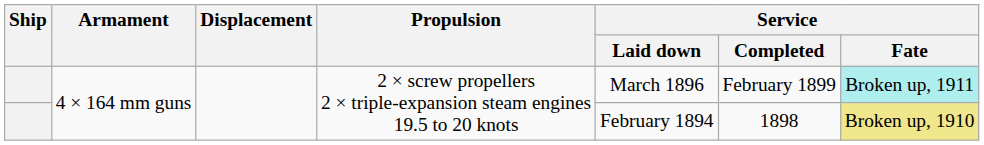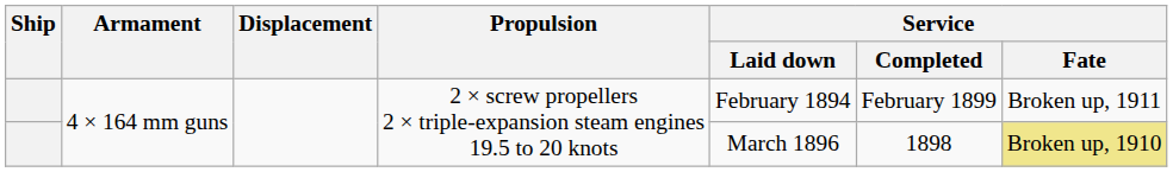 <table class="wikitable plainrowheaders" style="text-align: center;">
 <tr valign="top">
 <th scope="col" rowspan="2">Ship</th>
 <th scope="col" rowspan="2">Armament</th>
 <th scope="col" rowspan="2">Displacement</th>
 <th scope="col" rowspan="2">Propulsion</th>
 <th scope="col" colspan="3">Service</th>
 </tr>
 <tr valign="top">
 <th scope="col">Laid down</th>
 <th scope="col">Completed</th>
 <th scope="col">Fate</th>
 </tr>
 <tr valign="center">
 <th scope="row"></th>
 <td rowspan="2">4 × 164 mm guns</td>
 <td rowspan="2"></td>
 <td rowspan="2">2 × screw propellers<br>2 × triple-expansion steam engines<br>19.5 to 20 knots</td>
-<td>March 1896</td>
+<td>February 1894</td>
 <td>February 1899</td>
-<td style="background: paleturquoise;">Broken up, 1911</td>
+<td>Broken up, 1911</td>
 </tr>
 <tr valign="center">
 <th scope="row"></th>
-<td>February 1894</td>
+<td>March 1896</td>
 <td>1898</td>
 <td style="background: khaki;">Broken up, 1910</td>
 </tr>
 </table>
